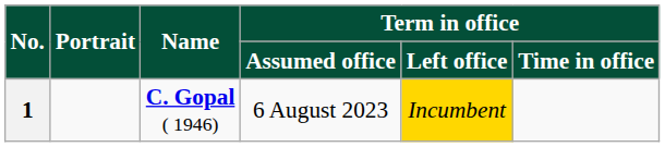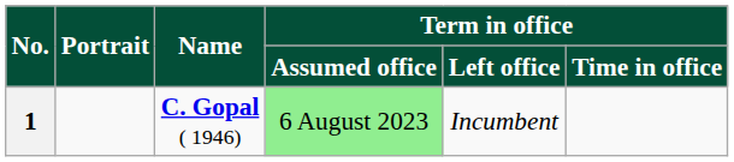 <table class="wikitable sortable" style="text-align:center;">
 <tr>
 <th rowspan=2 style="background-color:#034F38;color:white">No.</th>
 <th rowspan=2 style="background-color:#034F38;color:white">Portrait</th>
 <th rowspan=2 style="background-color:#034F38;color:white">Name<br></th>
 <th colspan=3 style="background-color:#034F38;color:white">Term in office</th>
 </tr>
 <tr>
 <th style="background-color:#034F38;color:white">Assumed office</th>
 <th style="background-color:#034F38;color:white">Left office</th>
 <th style="background-color:#034F38;color:white">Time in office</th>
 </tr>
 <tr>
 <th>1</th>
 <td></td>
 <td><strong><a href='#'>C. Gopal</a></strong><br><small>( 1946)</small></td>
-<td>6 August 2023</td>
-<td style="background: gold;"><em>Incumbent</em></td>
+<td style="background: lightgreen;">6 August 2023</td>
+<td><em>Incumbent</em></td>
 <td></td>
 </tr>
 </table>
